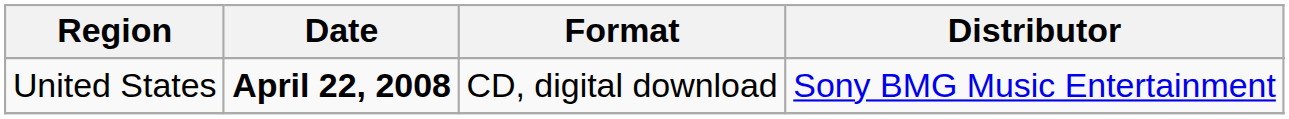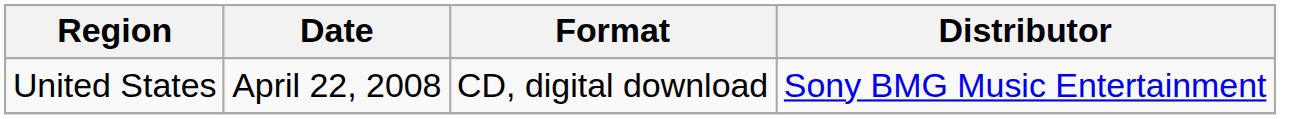 <table class="wikitable">
 <tr>
 <th>Region</th>
 <th>Date</th>
 <th>Format</th>
 <th>Distributor</th>
 </tr>
 <tr>
 </tr>
 <tr>
 <td>United States</td>
-<td align="left" rowspan="1"><strong>April 22, 2008</strong></td>
+<td align="left" rowspan="1">April 22, 2008</td>
 <td>CD, digital download</td>
 <td align="left" rowspan="1"><a href='#'>Sony BMG Music Entertainment</a></td>
 </tr>
 <tr>
 </tr>
 </table>
